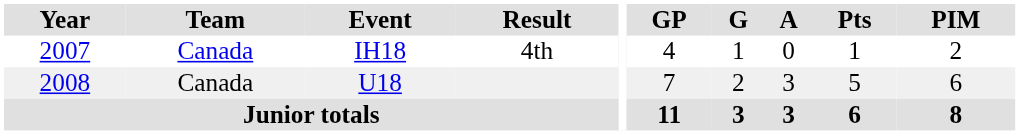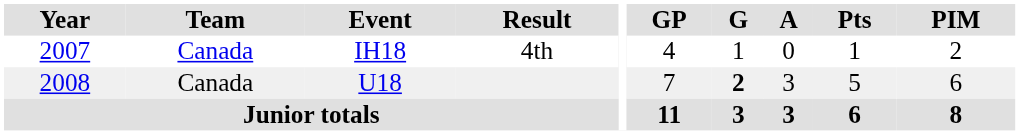 <table border="0" cellpadding="1" cellspacing="0" ID="Table3" style="text-align:center; width:40em">
 <tr ALIGN="center" bgcolor="#e0e0e0">
 <th>Year</th>
 <th>Team</th>
 <th>Event</th>
 <th>Result</th>
 <th rowspan="99" bgcolor="#ffffff"></th>
 <th>GP</th>
 <th>G</th>
 <th>A</th>
 <th>Pts</th>
 <th>PIM</th>
 </tr>
 <tr>
 <td><a href='#'>2007</a></td>
 <td><a href='#'>Canada</a></td>
 <td><a href='#'>IH18</a></td>
 <td>4th</td>
 <td>4</td>
 <td>1</td>
 <td>0</td>
 <td>1</td>
 <td>2</td>
 </tr>
 <tr style="background:#f0f0f0;">
 <td><a href='#'>2008</a></td>
 <td>Canada</td>
 <td><a href='#'>U18</a></td>
 <td></td>
 <td>7</td>
-<td>2</td>
+<td><strong>2</strong></td>
 <td>3</td>
 <td>5</td>
 <td>6</td>
 </tr>
 <tr bgcolor="#e0e0e0">
 <th colspan="4">Junior totals</th>
 <th>11</th>
 <th>3</th>
 <th>3</th>
 <th>6</th>
 <th>8</th>
 </tr>
 </table>
